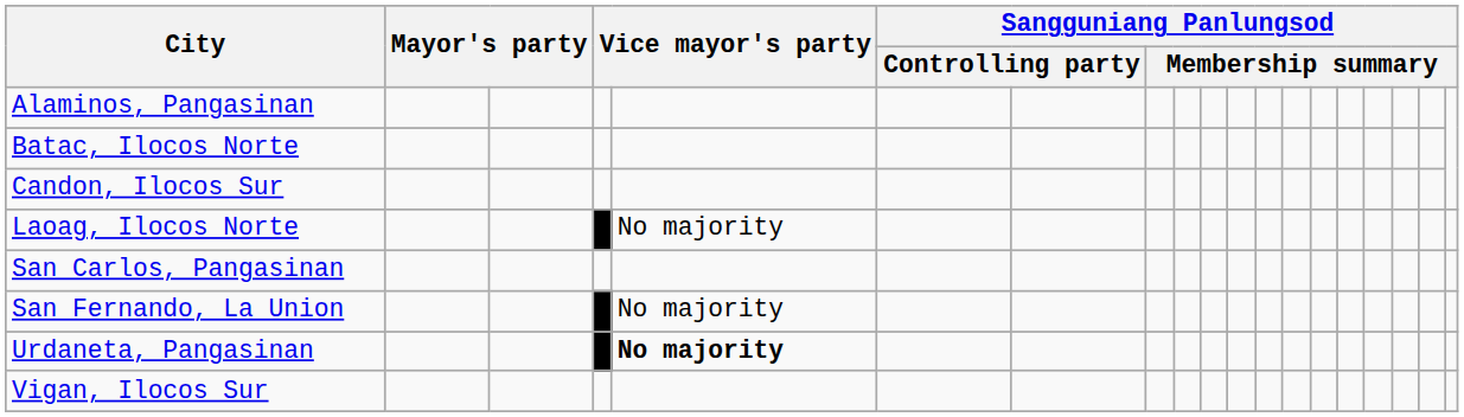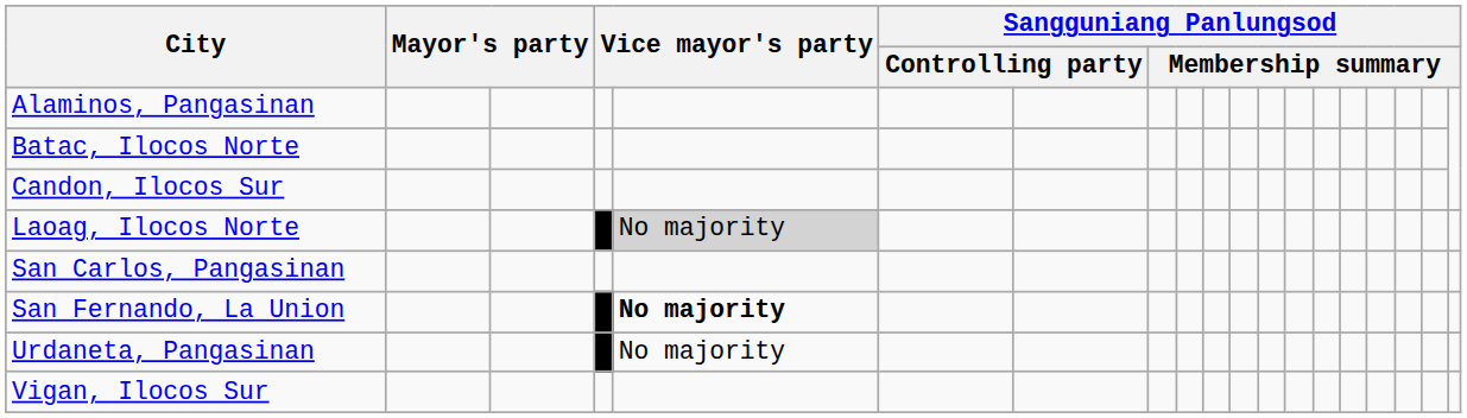 <table class="wikitable" style="font-size:95%;">
 <tr>
 <th width="180px" rowspan="2">City</th>
 <th colspan="2" rowspan="2">Mayor's party</th>
 <th colspan="2" rowspan="2">Vice mayor's party</th>
 <th colspan="16"><a href='#'>Sangguniang Panlungsod</a></th>
 </tr>
 <tr>
 <th colspan="2">Controlling party</th>
 <th colspan="14">Membership summary</th>
 </tr>
 <tr>
 <td><a href='#'>Alaminos, Pangasinan</a></td>
 <td></td>
 <td></td>
 <td></td>
 <td> </td>
 <td> </td>
 <td> </td>
 <td> </td>
 <td> </td>
 <td> </td>
 <td> </td>
 <td> </td>
 <td> </td>
 <td> </td>
 <td> </td>
 <td> </td>
 <td> </td>
 <td> </td>
 </tr>
 <tr>
 <td><a href='#'>Batac, Ilocos Norte</a></td>
 <td></td>
 <td></td>
 <td></td>
 <td style="color:inherit;background:"></td>
 <td style="color:inherit;background:"></td>
 <td style="color:inherit;background:"></td>
 <td style="color:inherit;background:"></td>
 <td style="color:inherit;background:"></td>
 <td style="color:inherit;background:"></td>
 <td style="color:inherit;background:"></td>
 <td style="color:inherit;background:"></td>
 <td style="color:inherit;background:"></td>
 <td style="color:inherit;background:"></td>
 <td style="color:inherit;background:"></td>
 <td style="color:inherit;background:"></td>
 <td></td>
 <td></td>
 </tr>
 <tr>
 <td><a href='#'>Candon, Ilocos Sur</a></td>
 <td></td>
 <td></td>
 <td></td>
 <td style="color:inherit;background:"></td>
 <td style="color:inherit;background:"></td>
 <td style="color:inherit;background:"></td>
 <td style="color:inherit;background:"></td>
 <td style="color:inherit;background:"></td>
 <td style="color:inherit;background:"></td>
 <td style="color:inherit;background:"></td>
 <td style="color:inherit;background:"></td>
 <td style="color:inherit;background:"></td>
 <td style="color:inherit;background:"></td>
 <td style="color:inherit;background:"></td>
 <td style="color:inherit;background:"></td>
 <td></td>
 <td></td>
 </tr>
 <tr>
 <td><a href='#'>Laoag, Ilocos Norte</a></td>
 <td></td>
 <td></td>
 <td bgcolor="black"></td>
-<td>No majority</td>
+<td style="background: lightgrey;">No majority</td>
 <td style="color:inherit;background:"></td>
 <td style="color:inherit;background:"></td>
 <td style="color:inherit;background:"></td>
 <td style="color:inherit;background:"></td>
 <td style="color:inherit;background:"></td>
 <td style="color:inherit;background:"></td>
 <td style="color:inherit;background:"></td>
 <td style="color:inherit;background:"></td>
 <td style="color:inherit;background:"></td>
 <td style="color:inherit;background:"></td>
 <td style="color:inherit;background:"></td>
 <td style="color:inherit;background:"></td>
 <td></td>
 <td></td>
 </tr>
 <tr>
 <td><a href='#'>San Carlos, Pangasinan</a></td>
 <td></td>
 <td></td>
 <td></td>
 <td style="color:inherit;background:"></td>
 <td style="color:inherit;background:"></td>
 <td style="color:inherit;background:"></td>
 <td style="color:inherit;background:"></td>
 <td style="color:inherit;background:"></td>
 <td style="color:inherit;background:"></td>
 <td style="color:inherit;background:"></td>
 <td style="color:inherit;background:"></td>
 <td style="color:inherit;background:"></td>
 <td style="color:inherit;background:"></td>
 <td style="color:inherit;background:"></td>
 <td style="color:inherit;background:"></td>
 <td></td>
 <td></td>
 </tr>
 <tr>
 <td><a href='#'>San Fernando, La Union</a></td>
 <td></td>
 <td></td>
 <td bgcolor="black"></td>
-<td>No majority</td>
+<td><strong>No majority</strong></td>
 <td style="color:inherit;background:"></td>
 <td style="color:inherit;background:"></td>
 <td style="color:inherit;background:"></td>
 <td style="color:inherit;background:"></td>
 <td style="color:inherit;background:"></td>
 <td style="color:inherit;background:"></td>
 <td style="color:inherit;background:"></td>
 <td style="color:inherit;background:"></td>
 <td style="color:inherit;background:"></td>
 <td style="color:inherit;background:"></td>
 <td style="color:inherit;background:"></td>
 <td style="color:inherit;background:"></td>
 <td style="color:inherit;background:"></td>
 <td style="color:inherit;background:"></td>
 </tr>
 <tr>
 <td><a href='#'>Urdaneta, Pangasinan</a></td>
 <td></td>
 <td></td>
 <td bgcolor="black"></td>
-<td><strong>No majority</strong></td>
+<td>No majority</td>
 <td style="color:inherit;background:"></td>
 <td style="color:inherit;background:"></td>
 <td style="color:inherit;background:"></td>
 <td style="color:inherit;background:"></td>
 <td style="color:inherit;background:"></td>
 <td style="color:inherit;background:"></td>
 <td style="color:inherit;background:"></td>
 <td style="color:inherit;background:"></td>
 <td style="color:inherit;background:"></td>
 <td style="color:inherit;background:"></td>
 <td style="color:inherit;background:"></td>
 <td style="color:inherit;background:"></td>
 <td></td>
 <td></td>
 </tr>
 <tr>
 <td><a href='#'>Vigan, Ilocos Sur</a></td>
 <td></td>
 <td></td>
 <td></td>
 <td style="color:inherit;background:"></td>
 <td style="color:inherit;background:"></td>
 <td style="color:inherit;background:"></td>
 <td style="color:inherit;background:"></td>
 <td style="color:inherit;background:"></td>
 <td style="color:inherit;background:"></td>
 <td style="color:inherit;background:"></td>
 <td style="color:inherit;background:"></td>
 <td style="color:inherit;background:"></td>
 <td style="color:inherit;background:"></td>
 <td style="color:inherit;background:"></td>
 <td style="color:inherit;background:"></td>
 <td></td>
 <td></td>
 </tr>
 </table>
